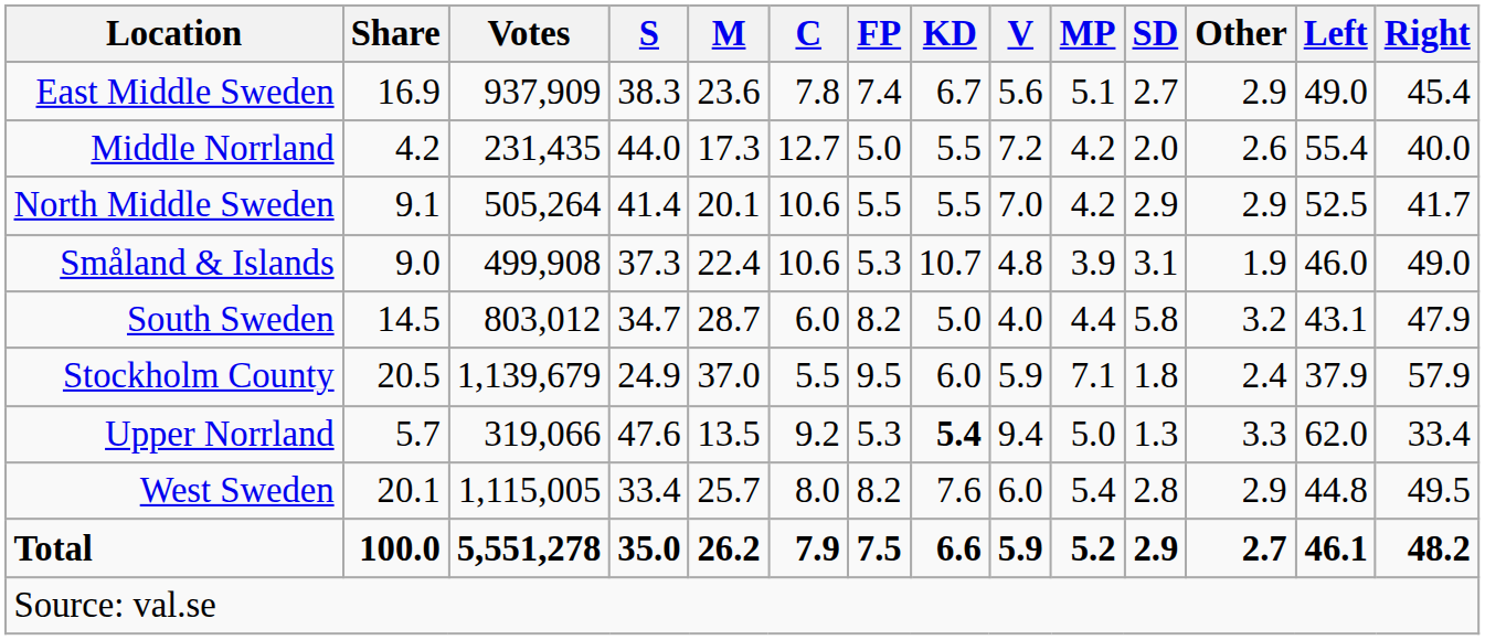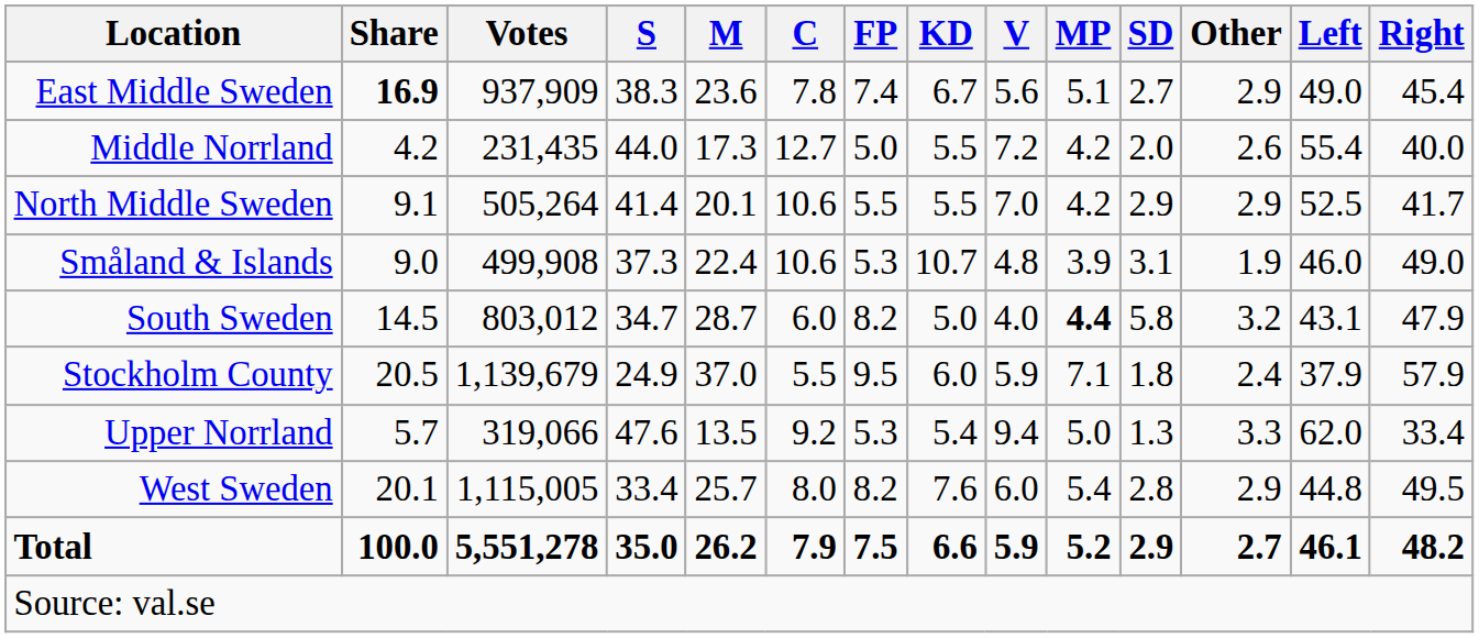 <table class="wikitable sortable" style=text-align:right>
 <tr>
 <th>Location</th>
 <th>Share</th>
 <th>Votes</th>
 <th><a href='#'>S</a></th>
 <th><a href='#'>M</a></th>
 <th><a href='#'>C</a></th>
 <th><a href='#'>FP</a></th>
 <th><a href='#'>KD</a></th>
 <th><a href='#'>V</a></th>
 <th><a href='#'>MP</a></th>
 <th><a href='#'>SD</a></th>
 <th>Other</th>
 <th><a href='#'>Left</a></th>
 <th><a href='#'>Right</a></th>
 </tr>
 <tr>
 <td><a href='#'>East Middle Sweden</a></td>
-<td>16.9</td>
+<td><strong>16.9</strong></td>
 <td>937,909</td>
 <td>38.3</td>
 <td>23.6</td>
 <td>7.8</td>
 <td>7.4</td>
 <td>6.7</td>
 <td>5.6</td>
 <td>5.1</td>
 <td>2.7</td>
 <td>2.9</td>
 <td>49.0</td>
 <td>45.4</td>
 </tr>
 <tr>
 <td><a href='#'>Middle Norrland</a></td>
 <td>4.2</td>
 <td>231,435</td>
 <td>44.0</td>
 <td>17.3</td>
 <td>12.7</td>
 <td>5.0</td>
 <td>5.5</td>
 <td>7.2</td>
 <td>4.2</td>
 <td>2.0</td>
 <td>2.6</td>
 <td>55.4</td>
 <td>40.0</td>
 </tr>
 <tr>
 <td><a href='#'>North Middle Sweden</a></td>
 <td>9.1</td>
 <td>505,264</td>
 <td>41.4</td>
 <td>20.1</td>
 <td>10.6</td>
 <td>5.5</td>
 <td>5.5</td>
 <td>7.0</td>
 <td>4.2</td>
 <td>2.9</td>
 <td>2.9</td>
 <td>52.5</td>
 <td>41.7</td>
 </tr>
 <tr>
 <td><a href='#'>Småland & Islands</a></td>
 <td>9.0</td>
 <td>499,908</td>
 <td>37.3</td>
 <td>22.4</td>
 <td>10.6</td>
 <td>5.3</td>
 <td>10.7</td>
 <td>4.8</td>
 <td>3.9</td>
 <td>3.1</td>
 <td>1.9</td>
 <td>46.0</td>
 <td>49.0</td>
 </tr>
 <tr>
 <td><a href='#'>South Sweden</a></td>
 <td>14.5</td>
 <td>803,012</td>
 <td>34.7</td>
 <td>28.7</td>
 <td>6.0</td>
 <td>8.2</td>
 <td>5.0</td>
 <td>4.0</td>
-<td>4.4</td>
+<td><strong>4.4</strong></td>
 <td>5.8</td>
 <td>3.2</td>
 <td>43.1</td>
 <td>47.9</td>
 </tr>
 <tr>
 <td><a href='#'>Stockholm County</a></td>
 <td>20.5</td>
 <td>1,139,679</td>
 <td>24.9</td>
 <td>37.0</td>
 <td>5.5</td>
 <td>9.5</td>
 <td>6.0</td>
 <td>5.9</td>
 <td>7.1</td>
 <td>1.8</td>
 <td>2.4</td>
 <td>37.9</td>
 <td>57.9</td>
 </tr>
 <tr>
 <td><a href='#'>Upper Norrland</a></td>
 <td>5.7</td>
 <td>319,066</td>
 <td>47.6</td>
 <td>13.5</td>
 <td>9.2</td>
 <td>5.3</td>
-<td><strong>5.4</strong></td>
+<td>5.4</td>
 <td>9.4</td>
 <td>5.0</td>
 <td>1.3</td>
 <td>3.3</td>
 <td>62.0</td>
 <td>33.4</td>
 </tr>
 <tr>
 <td><a href='#'>West Sweden</a></td>
 <td>20.1</td>
 <td>1,115,005</td>
 <td>33.4</td>
 <td>25.7</td>
 <td>8.0</td>
 <td>8.2</td>
 <td>7.6</td>
 <td>6.0</td>
 <td>5.4</td>
 <td>2.8</td>
 <td>2.9</td>
 <td>44.8</td>
 <td>49.5</td>
 </tr>
 <tr>
 <td align=left><strong>Total</strong></td>
 <td><strong>100.0</strong></td>
 <td><strong>5,551,278</strong></td>
 <td><strong>35.0</strong></td>
 <td><strong>26.2</strong></td>
 <td><strong>7.9</strong></td>
 <td><strong>7.5</strong></td>
 <td><strong>6.6</strong></td>
 <td><strong>5.9</strong></td>
 <td><strong>5.2</strong></td>
 <td><strong>2.9</strong></td>
 <td><strong>2.7</strong></td>
 <td><strong>46.1</strong></td>
 <td><strong>48.2</strong></td>
 </tr>
 <tr>
 <td align=left colspan=14>Source: val.se </td>
 </tr>
 </table>
